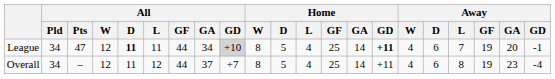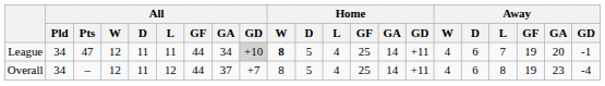 <table class="wikitable" style="text-align:center">
 <tr>
 <th rowspan=2></th>
 <th colspan=8>All</th>
 <th colspan=6>Home</th>
 <th colspan=6>Away</th>
 </tr>
 <tr>
 <th width=30>Pld</th>
 <th width=30>Pts</th>
 <th width=30>W</th>
 <th width=30>D</th>
 <th width=30>L</th>
 <th width=30>GF</th>
 <th width=30>GA</th>
 <th width=30>GD</th>
 <th width=30>W</th>
 <th width=30>D</th>
 <th width=30>L</th>
 <th width=30>GF</th>
 <th width=30>GA</th>
 <th width=30>GD</th>
 <th width=30>W</th>
 <th width=30>D</th>
 <th width=30>L</th>
 <th width=30>GF</th>
 <th width=30>GA</th>
 <th width=30>GD</th>
 </tr>
 <tr>
 <td>League</td>
 <td>34</td>
 <td>47</td>
 <td>12</td>
-<td><strong>11</strong></td>
+<td>11</td>
 <td>11</td>
 <td>44</td>
 <td>34</td>
 <td style="background: lightgrey;">+10</td>
-<td>8</td>
+<td><strong>8</strong></td>
 <td>5</td>
 <td>4</td>
 <td>25</td>
 <td>14</td>
-<td><strong>+11</strong></td>
+<td>+11</td>
 <td>4</td>
 <td>6</td>
 <td>7</td>
 <td>19</td>
 <td>20</td>
 <td>-1</td>
 </tr>
 <tr>
 <td>Overall</td>
 <td>34</td>
 <td>–</td>
 <td>12</td>
 <td>11</td>
 <td>12</td>
 <td>44</td>
 <td>37</td>
 <td>+7</td>
 <td>8</td>
 <td>5</td>
 <td>4</td>
 <td>25</td>
 <td>14</td>
 <td>+11</td>
 <td>4</td>
 <td>6</td>
 <td>8</td>
 <td>19</td>
 <td>23</td>
 <td>-4</td>
 </tr>
 </table>
